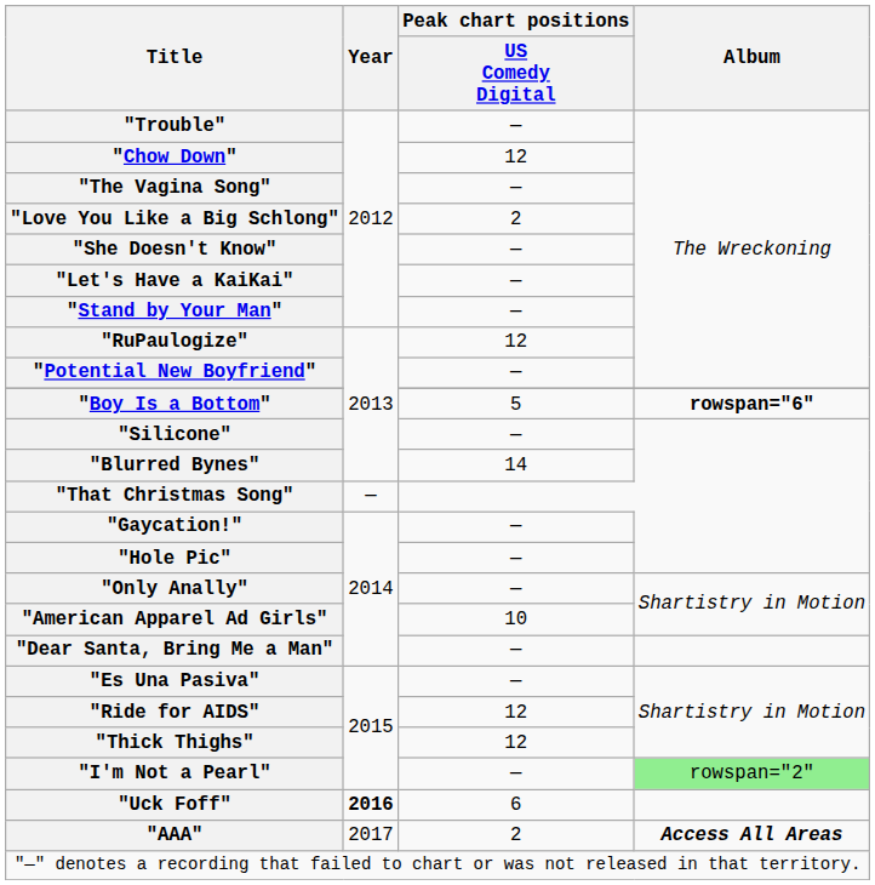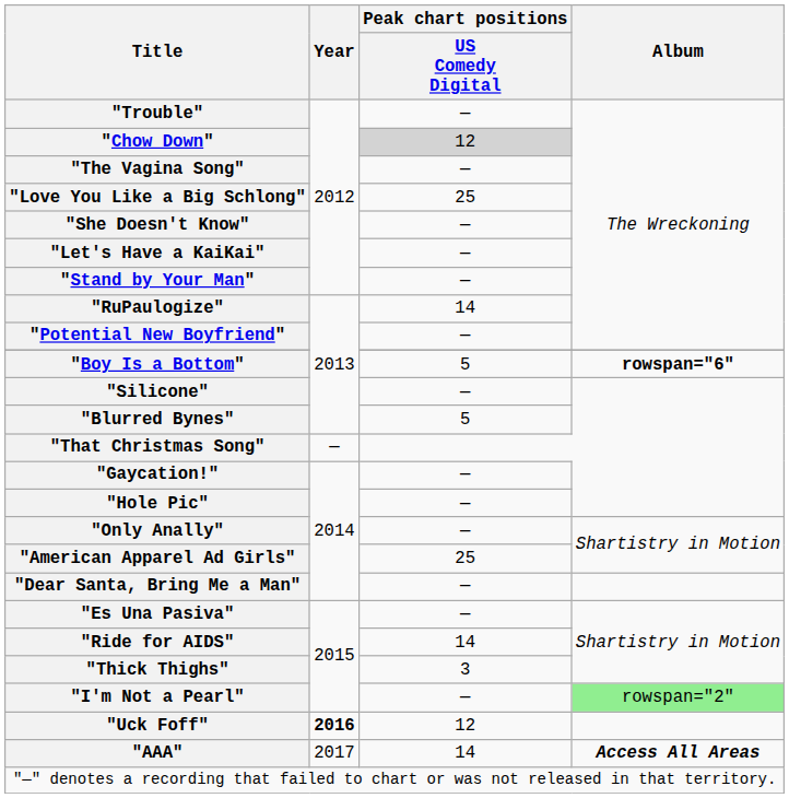 <table class="wikitable plainrowheaders" style="text-align:center;" border="1">
 <tr>
 <th scope="col" rowspan="2">Title</th>
 <th scope="col" rowspan="2">Year</th>
 <th scope="col" colspan="1">Peak chart positions</th>
 <th scope="col" rowspan="2">Album</th>
 </tr>
 <tr>
 <th scope="col"><a href='#'>US<br>Comedy<br>Digital</a><br></th>
 </tr>
 <tr>
 <th scope="row">"Trouble"</th>
 <td rowspan="7">2012</td>
 <td>—</td>
 <td rowspan="9"><em>The Wreckoning</em></td>
 </tr>
 <tr>
 <th scope="row">"<a href='#'>Chow Down</a>"<br></th>
-<td>12</td>
+<td style="background: lightgrey;">12</td>
 </tr>
 <tr>
 <th scope="row">"The Vagina Song"</th>
 <td>—</td>
 </tr>
 <tr>
 <th scope="row">"Love You Like a Big Schlong"</th>
-<td>2</td>
+<td>25</td>
 </tr>
 <tr>
 <th scope="row">"She Doesn't Know"</th>
 <td>—</td>
 </tr>
 <tr>
 <th scope="row">"Let's Have a KaiKai"<br></th>
 <td>—</td>
 </tr>
 <tr>
 <th scope="row">"<a href='#'>Stand by Your Man</a>"<br></th>
 <td>—</td>
 </tr>
 <tr>
 <th scope="row">"RuPaulogize"<br></th>
 <td rowspan="6">2013</td>
-<td>12</td>
+<td>14</td>
 </tr>
 <tr>
 <th scope="row">"<a href='#'>Potential New Boyfriend</a>"</th>
 <td>—</td>
 </tr>
 <tr>
 </tr>
 <tr>
 <th scope="row">"<a href='#'>Boy Is a Bottom</a>"<br></th>
 <td>5</td>
 <td><strong>rowspan="6" </strong></td>
 </tr>
 <tr>
 <th scope="row">"Silicone"<br></th>
 <td>—</td>
 </tr>
 <tr>
 <th scope="row">"Blurred Bynes"<br></th>
-<td>14</td>
+<td>5</td>
 </tr>
 <tr>
 <th scope="row">"That Christmas Song"<br></th>
 <td>—</td>
 </tr>
 <tr>
 <th scope="row">"Gaycation!"<br></th>
 <td rowspan="5">2014</td>
 <td>—</td>
 </tr>
 <tr>
 <th scope="row">"Hole Pic"</th>
 <td>—</td>
 </tr>
 <tr>
 <th scope="row">"Only Anally"</th>
 <td>—</td>
 <td rowspan="2"><em>Shartistry in Motion</em></td>
 </tr>
 <tr>
 <th scope="row">"American Apparel Ad Girls"<br></th>
-<td>10</td>
+<td>25</td>
 </tr>
 <tr>
 <th scope="row">"Dear Santa, Bring Me a Man"<br></th>
 <td>—</td>
 <td></td>
 </tr>
 <tr>
 <th scope="row">"Es Una Pasiva"</th>
 <td rowspan="4">2015</td>
 <td>—</td>
 <td rowspan="3"><em>Shartistry in Motion</em></td>
 </tr>
 <tr>
 <th scope="row">"Ride for AIDS"<br></th>
-<td>12</td>
+<td>14</td>
 </tr>
 <tr>
 <th scope="row">"Thick Thighs"<br></th>
-<td>12</td>
+<td>3</td>
 </tr>
 <tr>
 <th scope="row">"I'm Not a Pearl"</th>
 <td>—</td>
 <td style="background: lightgreen;">rowspan="2" </td>
 </tr>
 <tr>
 <th scope="row">"Uck Foff"</th>
 <td><strong>2016</strong></td>
-<td>6</td>
+<td>12</td>
 </tr>
 <tr>
 <th scope="row">"AAA"<br></th>
 <td>2017</td>
-<td>2</td>
+<td>14</td>
 <td><strong><em>Access All Areas</em></strong></td>
 </tr>
 <tr>
 <td colspan="14" style="font-size:90%">"—" denotes a recording that failed to chart or was not released in that territory.</td>
 </tr>
 </table>
